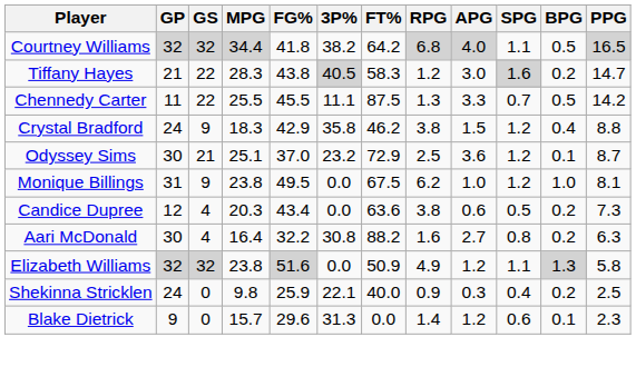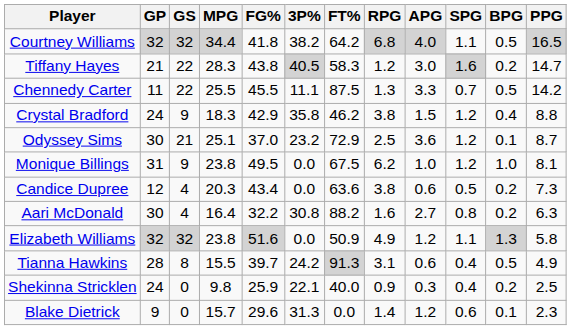 <table class="wikitable sortable" style="text-align:center">
 <tr>
 <th>Player</th>
 <th>GP</th>
 <th>GS</th>
 <th>MPG</th>
 <th>FG%</th>
 <th>3P%</th>
 <th>FT%</th>
 <th>RPG</th>
 <th>APG</th>
 <th>SPG</th>
 <th>BPG</th>
 <th>PPG</th>
 </tr>
 <tr>
 <td><a href='#'>Courtney Williams</a></td>
 <td style="background:#D3D3D3;">32</td>
 <td style="background:#D3D3D3;">32</td>
 <td style="background:#D3D3D3;">34.4</td>
 <td>41.8</td>
 <td>38.2</td>
 <td>64.2</td>
 <td style="background:#D3D3D3;">6.8</td>
 <td style="background:#D3D3D3;">4.0</td>
 <td>1.1</td>
 <td>0.5</td>
 <td style="background:#D3D3D3;">16.5</td>
 </tr>
 <tr>
 <td><a href='#'>Tiffany Hayes</a></td>
 <td>21</td>
 <td>22</td>
 <td>28.3</td>
 <td>43.8</td>
 <td style="background:#D3D3D3;">40.5</td>
 <td>58.3</td>
 <td>1.2</td>
 <td>3.0</td>
 <td style="background:#D3D3D3;">1.6</td>
 <td>0.2</td>
 <td>14.7</td>
 </tr>
 <tr>
 <td><a href='#'>Chennedy Carter</a></td>
 <td>11</td>
 <td>22</td>
 <td>25.5</td>
 <td>45.5</td>
 <td>11.1</td>
 <td>87.5</td>
 <td>1.3</td>
 <td>3.3</td>
 <td>0.7</td>
 <td>0.5</td>
 <td>14.2</td>
 </tr>
 <tr>
 <td><a href='#'>Crystal Bradford</a></td>
 <td>24</td>
 <td>9</td>
 <td>18.3</td>
 <td>42.9</td>
 <td>35.8</td>
 <td>46.2</td>
 <td>3.8</td>
 <td>1.5</td>
 <td>1.2</td>
 <td>0.4</td>
 <td>8.8</td>
 </tr>
 <tr>
 <td><a href='#'>Odyssey Sims</a></td>
 <td>30</td>
 <td>21</td>
 <td>25.1</td>
 <td>37.0</td>
 <td>23.2</td>
 <td>72.9</td>
 <td>2.5</td>
 <td>3.6</td>
 <td>1.2</td>
 <td>0.1</td>
 <td>8.7</td>
 </tr>
 <tr>
 <td><a href='#'>Monique Billings</a></td>
 <td>31</td>
 <td>9</td>
 <td>23.8</td>
 <td>49.5</td>
 <td>0.0</td>
 <td>67.5</td>
 <td>6.2</td>
 <td>1.0</td>
 <td>1.2</td>
 <td>1.0</td>
 <td>8.1</td>
 </tr>
 <tr>
 <td><a href='#'>Candice Dupree</a></td>
 <td>12</td>
 <td>4</td>
 <td>20.3</td>
 <td>43.4</td>
 <td>0.0</td>
 <td>63.6</td>
 <td>3.8</td>
 <td>0.6</td>
 <td>0.5</td>
 <td>0.2</td>
 <td>7.3</td>
 </tr>
 <tr>
 <td><a href='#'>Aari McDonald</a></td>
 <td>30</td>
 <td>4</td>
 <td>16.4</td>
 <td>32.2</td>
 <td>30.8</td>
 <td>88.2</td>
 <td>1.6</td>
 <td>2.7</td>
 <td>0.8</td>
 <td>0.2</td>
 <td>6.3</td>
 </tr>
 <tr>
 <td><a href='#'>Elizabeth Williams</a></td>
 <td style="background:#D3D3D3;">32</td>
 <td style="background:#D3D3D3;">32</td>
 <td>23.8</td>
 <td style="background:#D3D3D3;">51.6</td>
 <td>0.0</td>
 <td>50.9</td>
 <td>4.9</td>
 <td>1.2</td>
 <td>1.1</td>
 <td style="background:#D3D3D3;">1.3</td>
 <td>5.8</td>
 </tr>
 <tr>
+<td><a href='#'>Tianna Hawkins</a></td>
+<td>28</td>
+<td>8</td>
+<td>15.5</td>
+<td>39.7</td>
+<td>24.2</td>
+<td style="background:#D3D3D3;">91.3</td>
+<td>3.1</td>
+<td>0.6</td>
+<td>0.4</td>
+<td>0.5</td>
+<td>4.9</td>
+</tr>
+<tr>
 <td><a href='#'>Shekinna Stricklen</a></td>
 <td>24</td>
 <td>0</td>
 <td>9.8</td>
 <td>25.9</td>
 <td>22.1</td>
 <td>40.0</td>
 <td>0.9</td>
 <td>0.3</td>
 <td>0.4</td>
 <td>0.2</td>
 <td>2.5</td>
 </tr>
 <tr>
 <td><a href='#'>Blake Dietrick</a></td>
 <td>9</td>
 <td>0</td>
 <td>15.7</td>
 <td>29.6</td>
 <td>31.3</td>
 <td>0.0</td>
 <td>1.4</td>
 <td>1.2</td>
 <td>0.6</td>
 <td>0.1</td>
 <td>2.3</td>
 </tr>
 </table>
